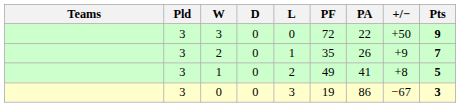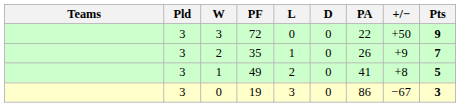 <table class="wikitable" style="text-align: center;">
 <tr>
 <th width="200">Teams</th>
 <th width="40">Pld</th>
 <th width="40">W</th>
+<th width="40">PF</th>
+<th width="40">L</th>
 <th width="40">D</th>
-<th width="40">L</th>
-<th width="40">PF</th>
 <th width="40">PA</th>
 <th width="40">+/−</th>
 <th width="40">Pts</th>
 </tr>
 <tr bgcolor=ccffcc>
 <td align=left></td>
 <td>3</td>
 <td>3</td>
+<td>72</td>
 <td>0</td>
 <td>0</td>
-<td>72</td>
 <td>22</td>
 <td>+50</td>
 <td><strong>9</strong></td>
 </tr>
 <tr bgcolor=ccffcc>
 <td align=left></td>
 <td>3</td>
 <td>2</td>
+<td>35</td>
+<td>1</td>
 <td>0</td>
-<td>1</td>
-<td>35</td>
 <td>26</td>
 <td>+9</td>
 <td><strong>7</strong></td>
 </tr>
 <tr bgcolor=ccffcc>
 <td align=left></td>
 <td>3</td>
 <td>1</td>
+<td>49</td>
+<td>2</td>
 <td>0</td>
-<td>2</td>
-<td>49</td>
 <td>41</td>
 <td>+8</td>
 <td><strong>5</strong></td>
 </tr>
 <tr bgcolor=ffffcc>
 <td align=left></td>
 <td>3</td>
 <td>0</td>
+<td>19</td>
+<td>3</td>
 <td>0</td>
-<td>3</td>
-<td>19</td>
 <td>86</td>
 <td>−67</td>
 <td><strong>3</strong></td>
 </tr>
 </table>
